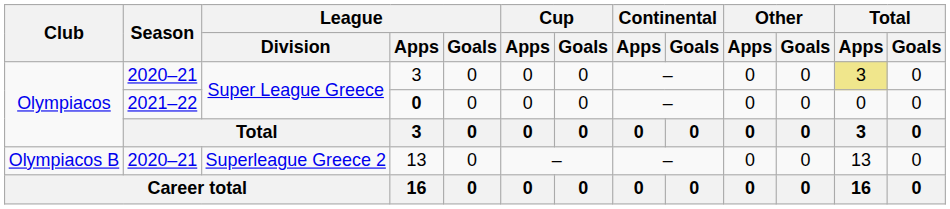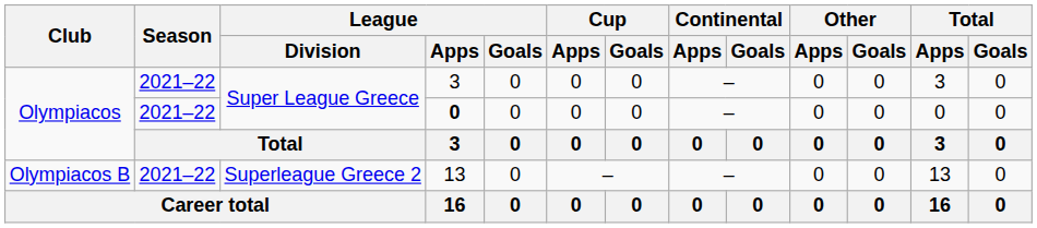 <table class="wikitable" style="text-align: center">
 <tr>
 <th rowspan="2">Club</th>
 <th rowspan="2">Season</th>
 <th colspan="3">League</th>
 <th colspan="2">Cup</th>
 <th colspan="2">Continental</th>
 <th colspan="2">Other</th>
 <th colspan="2">Total</th>
 </tr>
 <tr>
 <th>Division</th>
 <th>Apps</th>
 <th>Goals</th>
 <th>Apps</th>
 <th>Goals</th>
 <th>Apps</th>
 <th>Goals</th>
 <th>Apps</th>
 <th>Goals</th>
 <th>Apps</th>
 <th>Goals</th>
 </tr>
 <tr>
 <td rowspan="3"><a href='#'>Olympiacos</a></td>
-<td><a href='#'>2020–21</a></td>
+<td><a href='#'>2021–22</a></td>
 <td rowspan="2"><a href='#'>Super League Greece</a></td>
 <td>3</td>
 <td>0</td>
 <td>0</td>
 <td>0</td>
 <td colspan="2">–</td>
 <td>0</td>
 <td>0</td>
-<td style="background: khaki;">3</td>
+<td>3</td>
 <td>0</td>
 </tr>
 <tr>
 <td><a href='#'>2021–22</a></td>
 <td><strong>0</strong></td>
 <td>0</td>
 <td>0</td>
 <td>0</td>
 <td colspan="2">–</td>
 <td>0</td>
 <td>0</td>
 <td>0</td>
 <td>0</td>
 </tr>
 <tr>
 <th colspan="2"><strong>Total</strong></th>
 <th>3</th>
 <th>0</th>
 <th>0</th>
 <th>0</th>
 <th>0</th>
 <th>0</th>
 <th>0</th>
 <th>0</th>
 <th>3</th>
 <th>0</th>
 </tr>
 <tr>
 <td><a href='#'>Olympiacos B</a></td>
-<td><a href='#'>2020–21</a></td>
+<td><a href='#'>2021–22</a></td>
 <td><a href='#'>Superleague Greece 2</a></td>
 <td>13</td>
 <td>0</td>
 <td colspan="2">–</td>
 <td colspan="2">–</td>
 <td>0</td>
 <td>0</td>
 <td>13</td>
 <td>0</td>
 </tr>
 <tr>
 <th colspan="3"><strong>Career total</strong></th>
 <th>16</th>
 <th>0</th>
 <th>0</th>
 <th>0</th>
 <th>0</th>
 <th>0</th>
 <th>0</th>
 <th>0</th>
 <th>16</th>
 <th>0</th>
 </tr>
 </table>
